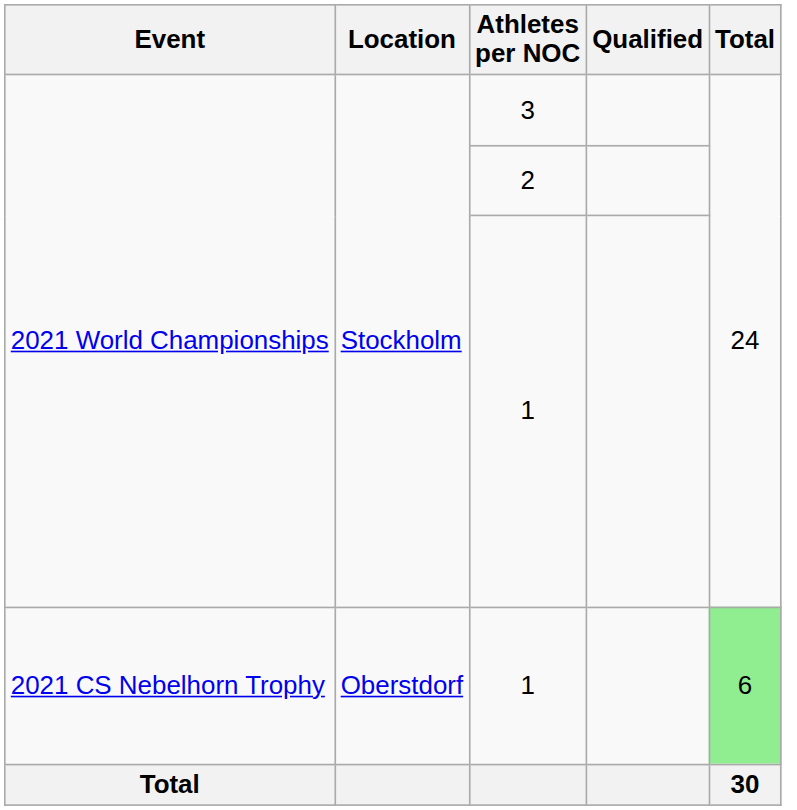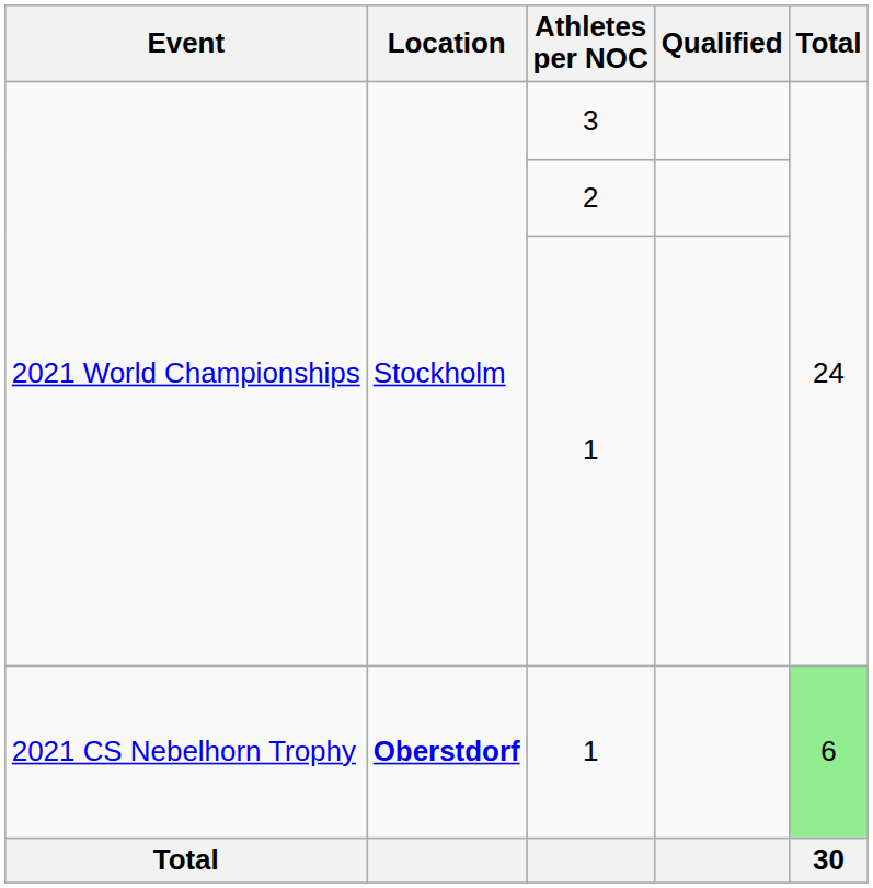 <table class="wikitable">
 <tr>
 <th>Event</th>
 <th>Location</th>
 <th>Athletes <br> per NOC</th>
 <th>Qualified</th>
 <th>Total</th>
 </tr>
 <tr>
 <td rowspan = 3><a href='#'>2021 World Championships</a></td>
 <td rowspan = 3> <a href='#'>Stockholm</a></td>
 <td align="center">3</td>
 <td><br><br></td>
 <td rowspan = 3 align="center">24</td>
 </tr>
 <tr>
 <td align="center">2</td>
 <td><br><br></td>
 </tr>
 <tr>
 <td align="center">1</td>
 <td><br><br><br><br><br><br><br><br><br><br><br><br><br></td>
 </tr>
 <tr>
 <td><a href='#'>2021 CS Nebelhorn Trophy</a></td>
-<td> <a href='#'>Oberstdorf</a></td>
+<td><strong> <a href='#'>Oberstdorf</a></strong></td>
 <td align="center">1</td>
 <td><br><br><br><br><br></td>
 <td align="center" style="background: lightgreen;">6</td>
 </tr>
 <tr>
 <th>Total</th>
 <th></th>
 <th></th>
 <th></th>
 <th>30</th>
 </tr>
 </table>
